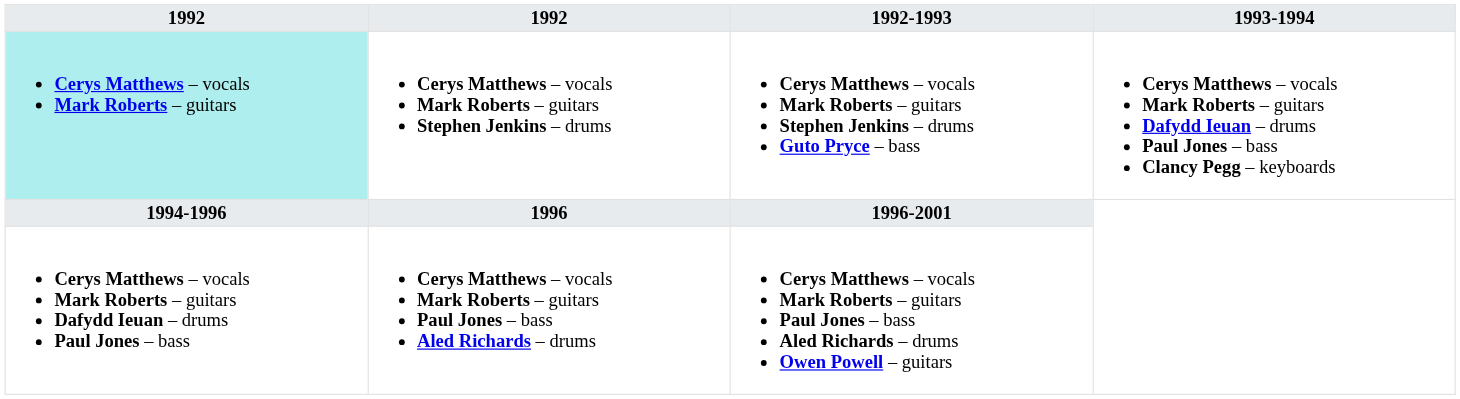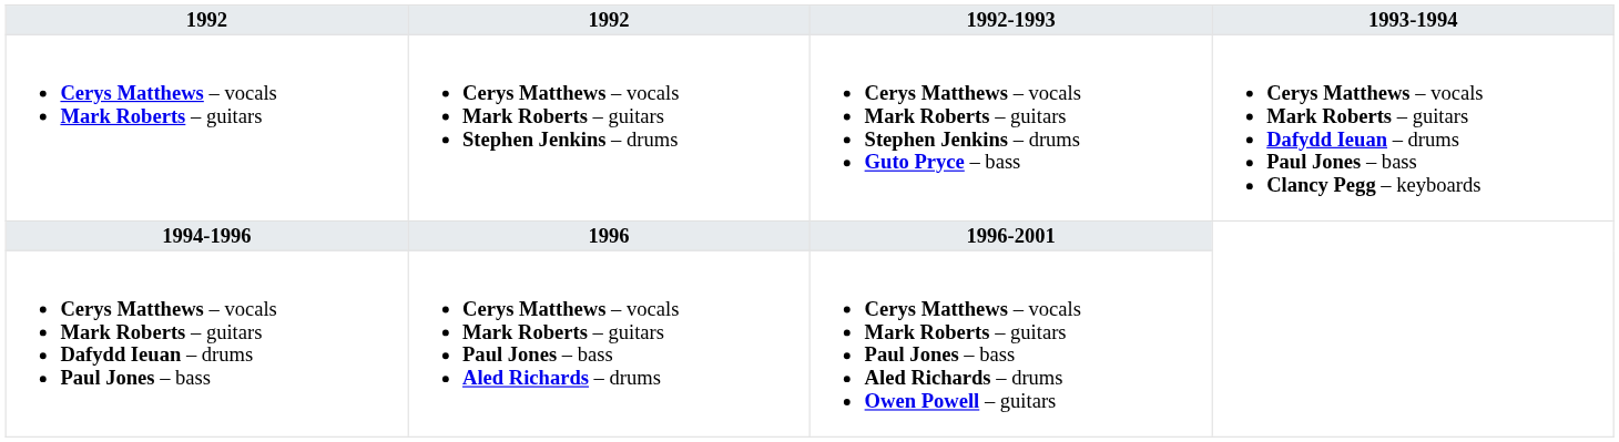 <table class="toccolours" border=1 cellpadding=2 cellspacing=0 style="float: width: 375px; margin: 0 0 1em 1em; border-collapse: collapse; border: 1px solid #E2E2E2;" width=99%>
 <tr>
 <th bgcolor="#E7EBEE" valign=top width=25%>1992</th>
 <th bgcolor="#E7EBEE" valign=top width=25%>1992</th>
 <th bgcolor="#E7EBEE" valign=top width=25%>1992-1993</th>
 <th bgcolor="#E7EBEE" valign=top width=25%>1993-1994</th>
 </tr>
 <tr>
-<td valign=top style="background: paleturquoise;"><br><ul><li><strong><a href='#'>Cerys Matthews</a></strong> – vocals</li><li><strong><a href='#'>Mark Roberts</a></strong> – guitars</li></ul></td>
+<td valign=top><br><ul><li><strong><a href='#'>Cerys Matthews</a></strong> – vocals</li><li><strong><a href='#'>Mark Roberts</a></strong> – guitars</li></ul></td>
 <td valign=top><br><ul><li><strong>Cerys Matthews</strong> – vocals</li><li><strong>Mark Roberts</strong> – guitars</li><li><strong>Stephen Jenkins</strong> – drums</li></ul></td>
 <td valign=top><br><ul><li><strong>Cerys Matthews</strong> – vocals</li><li><strong>Mark Roberts</strong> – guitars</li><li><strong>Stephen Jenkins</strong> – drums</li><li><strong><a href='#'>Guto Pryce</a></strong> – bass</li></ul></td>
 <td valign=top><br><ul><li><strong>Cerys Matthews</strong> – vocals</li><li><strong>Mark Roberts</strong> – guitars</li><li><strong><a href='#'>Dafydd Ieuan</a></strong> – drums</li><li><strong>Paul Jones</strong> – bass</li><li><strong>Clancy Pegg</strong> – keyboards</li></ul></td>
 </tr>
 <tr>
 <th bgcolor="#E7EBEE" valign=top width=25%>1994-1996</th>
 <th bgcolor="#E7EBEE" valign=top width=25%>1996</th>
 <th bgcolor="#E7EBEE" valign=top width=25%>1996-2001</th>
 </tr>
 <tr>
 <td valign=top><br><ul><li><strong>Cerys Matthews</strong> – vocals</li><li><strong>Mark Roberts</strong> – guitars</li><li><strong>Dafydd Ieuan</strong> – drums</li><li><strong>Paul Jones</strong> – bass</li></ul></td>
 <td valign=top><br><ul><li><strong>Cerys Matthews</strong> – vocals</li><li><strong>Mark Roberts</strong> – guitars</li><li><strong>Paul Jones</strong> – bass</li><li><strong><a href='#'>Aled Richards</a></strong> – drums</li></ul></td>
 <td valign=top><br><ul><li><strong>Cerys Matthews</strong> – vocals</li><li><strong>Mark Roberts</strong> – guitars</li><li><strong>Paul Jones</strong> – bass</li><li><strong>Aled Richards</strong> – drums</li><li><strong><a href='#'>Owen Powell</a></strong> – guitars</li></ul></td>
 </tr>
 </table>
